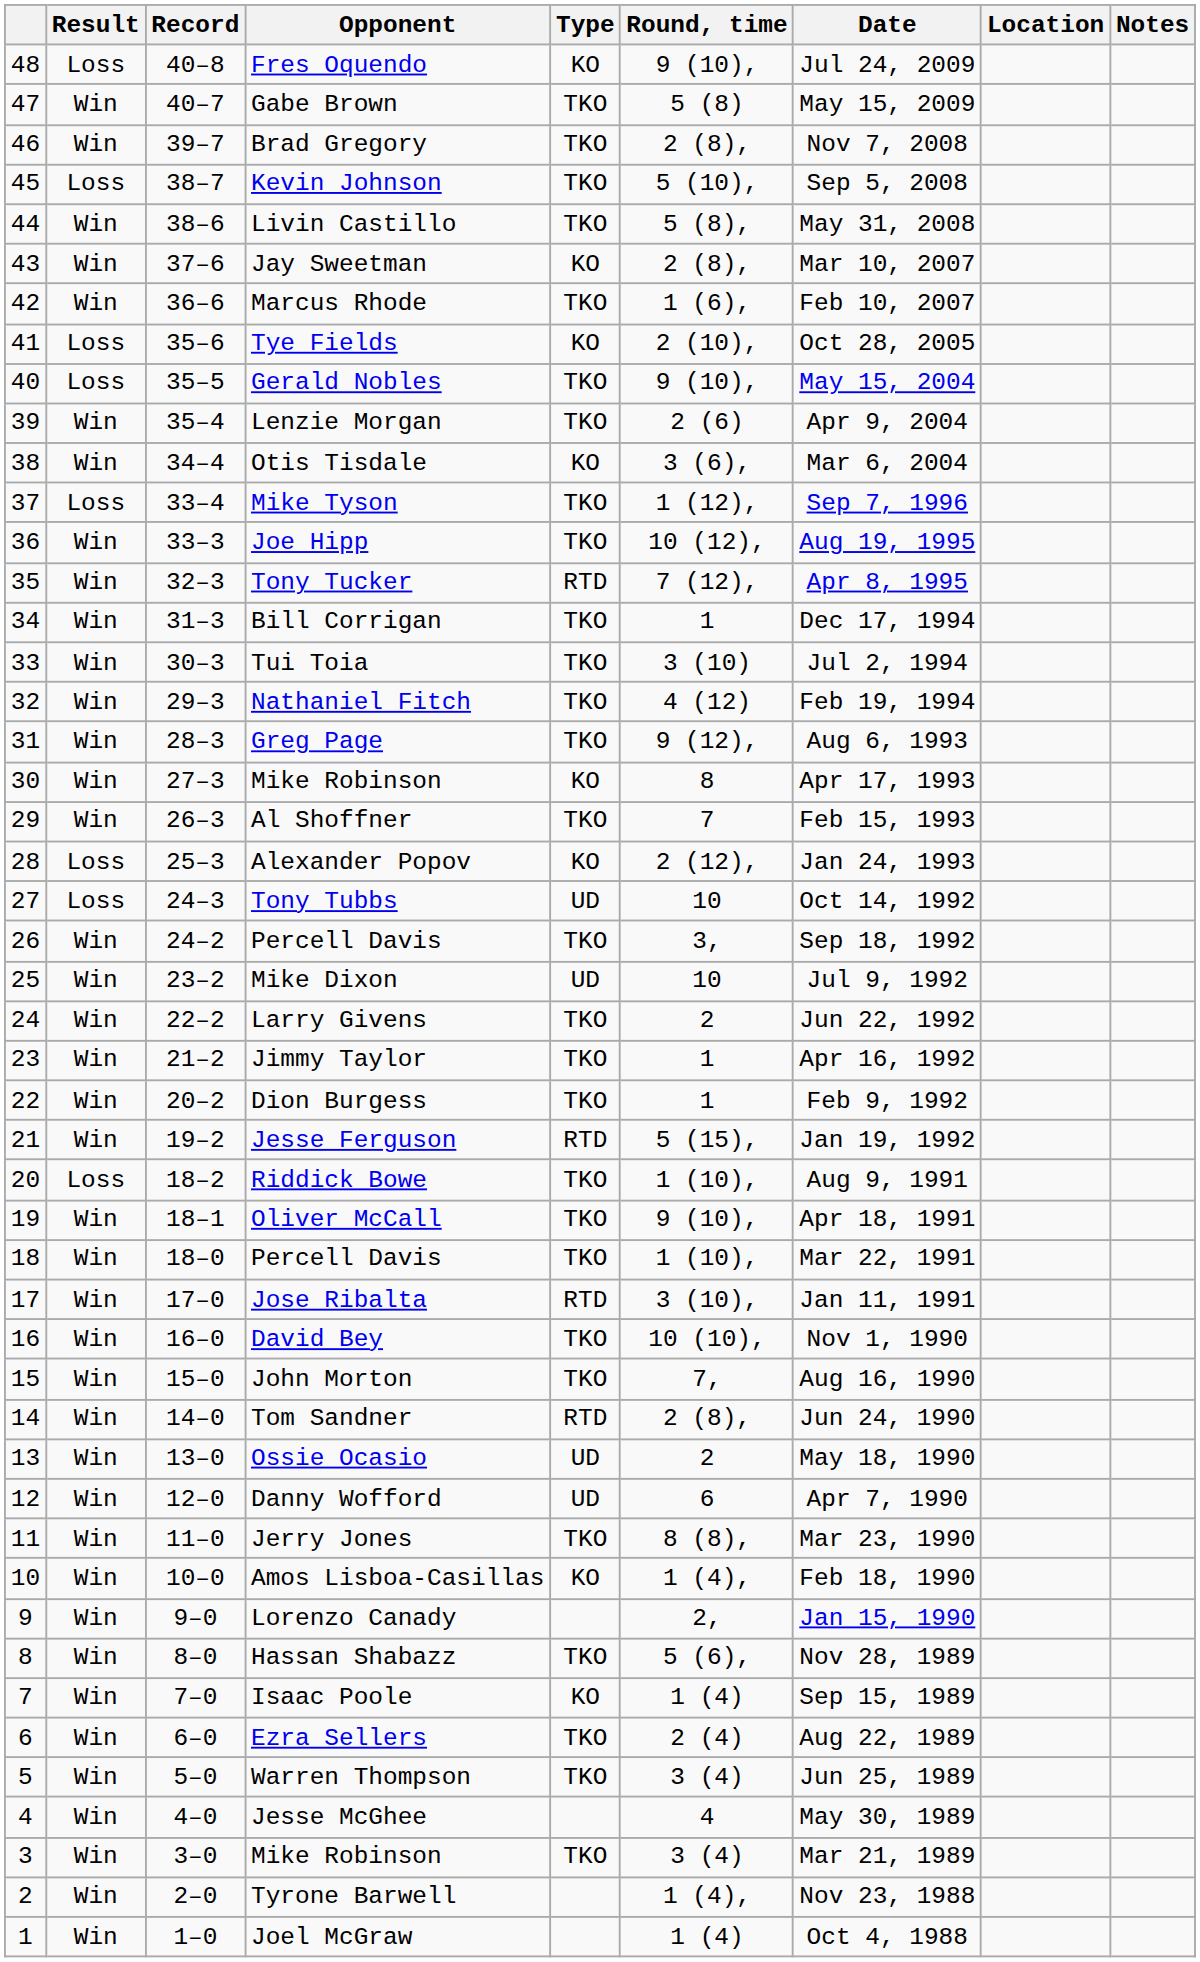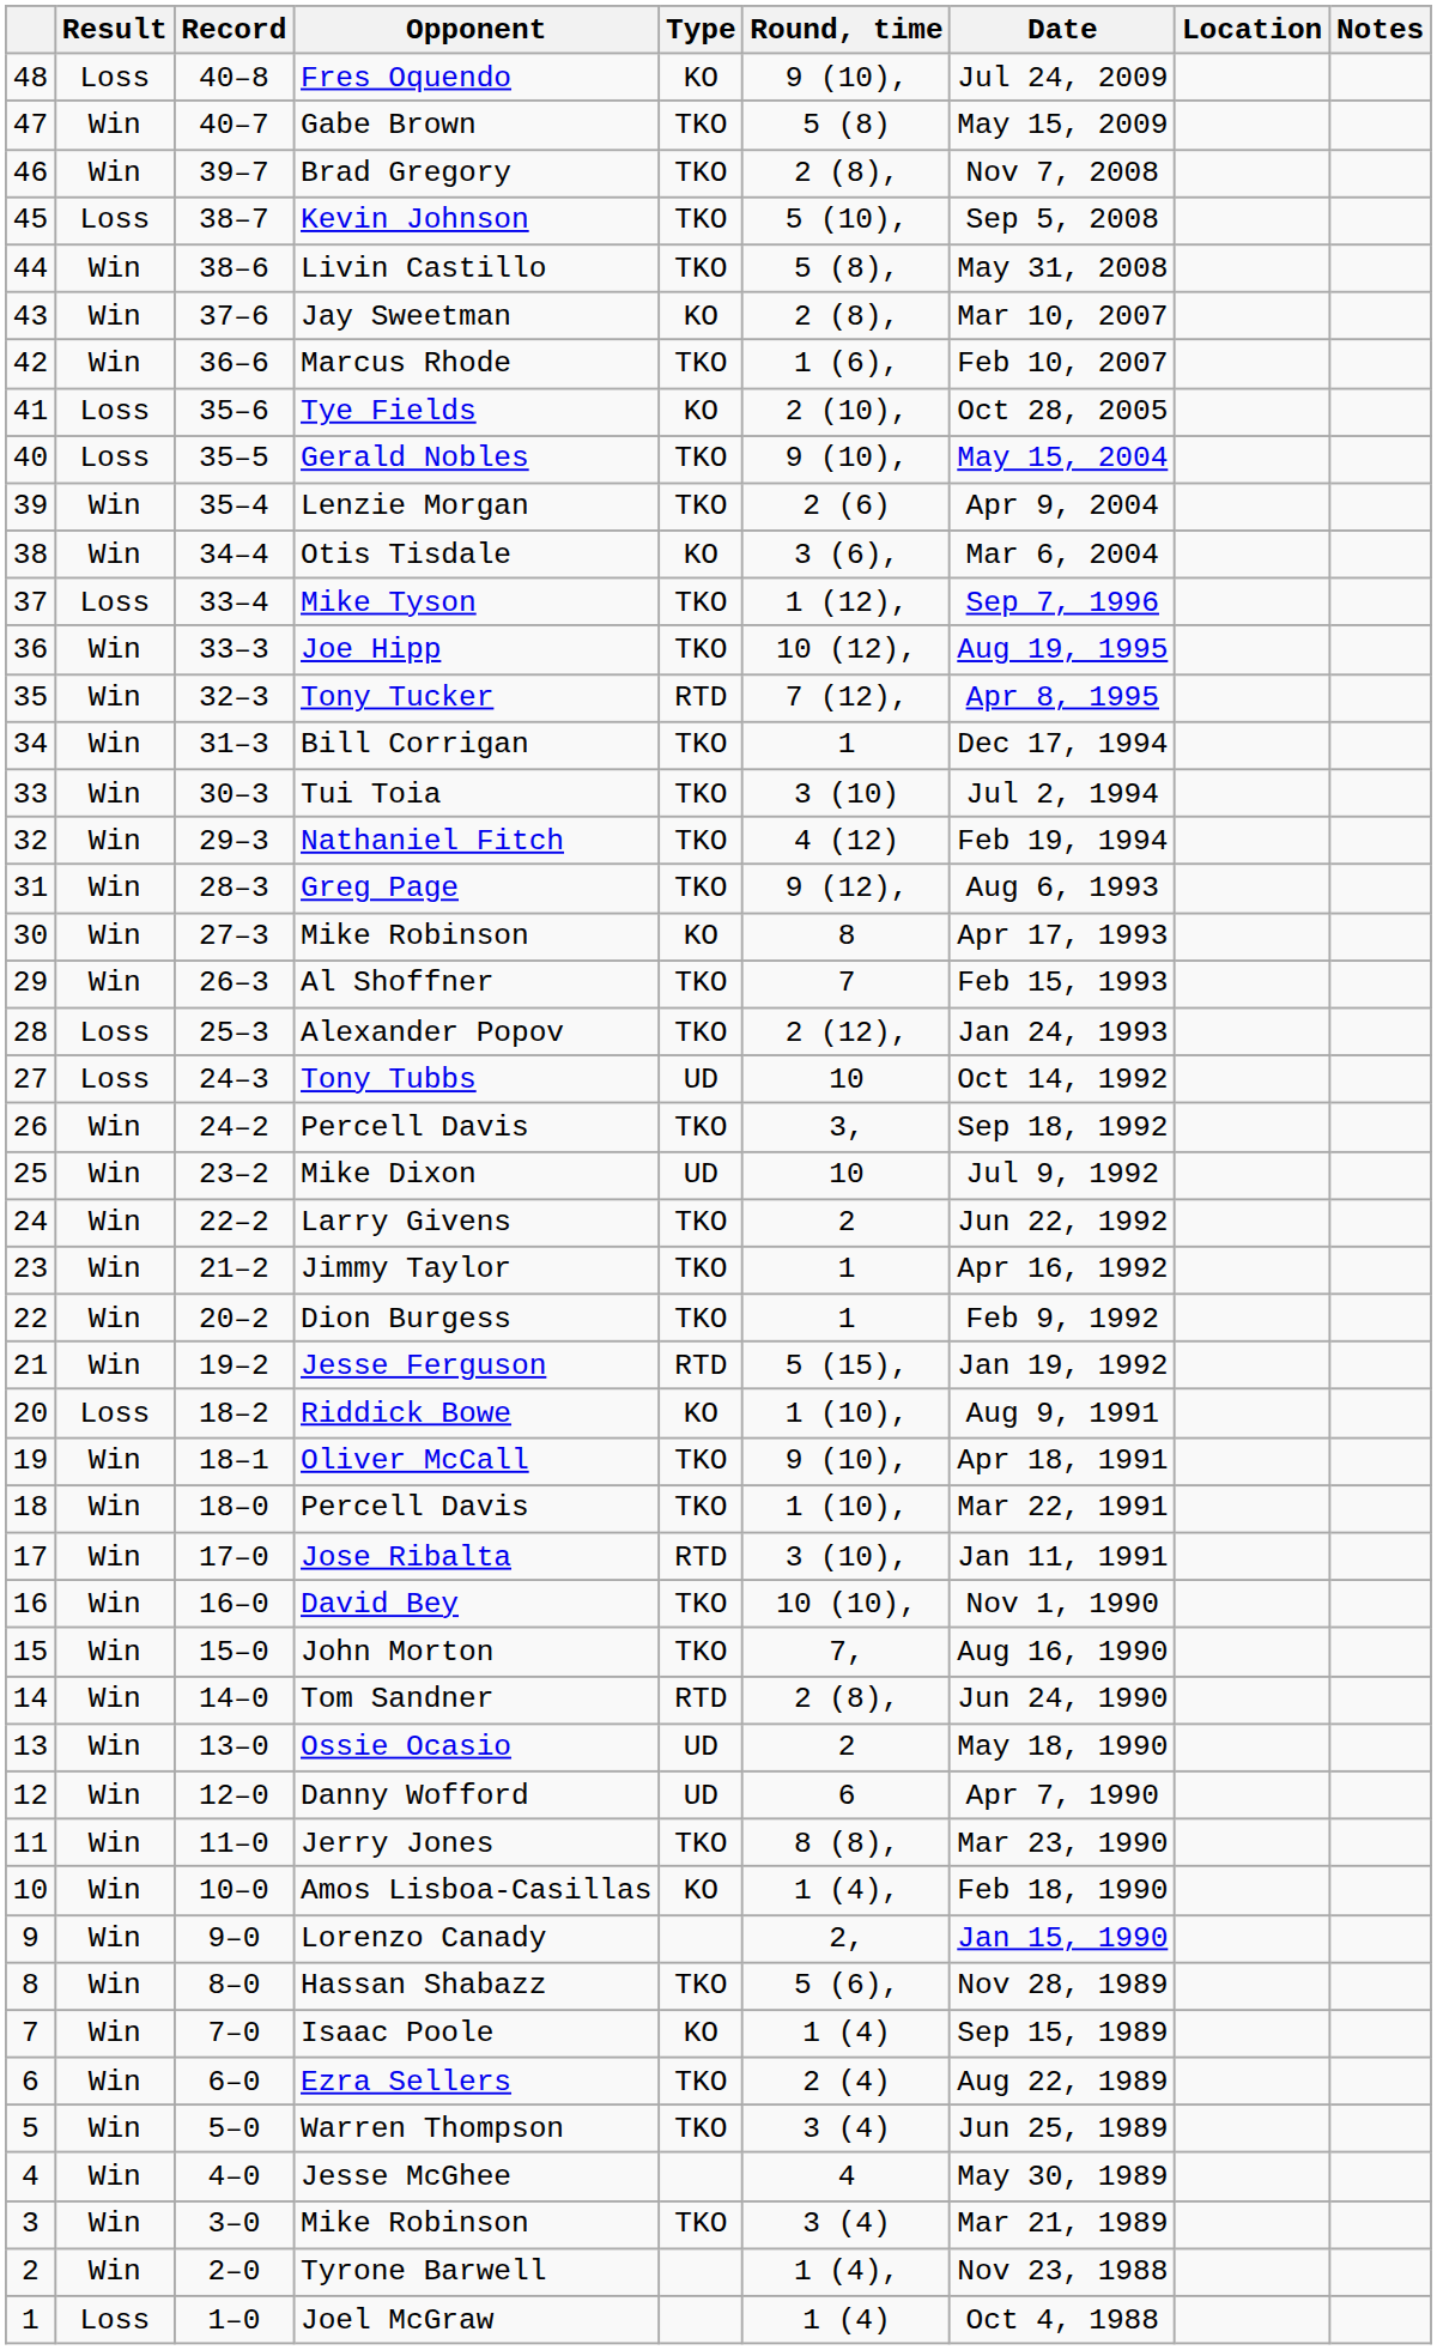 <table class="wikitable" style="text-align:center">
 <tr>
 <th></th>
 <th>Result</th>
 <th>Record</th>
 <th>Opponent</th>
 <th>Type</th>
 <th>Round, time</th>
 <th>Date</th>
 <th>Location</th>
 <th>Notes</th>
 </tr>
 <tr>
 <td>48</td>
 <td>Loss</td>
 <td>40–8</td>
 <td style="text-align:left;"><a href='#'>Fres Oquendo</a></td>
 <td>KO</td>
 <td>9 (10), </td>
 <td>Jul 24, 2009</td>
 <td style="text-align:left;"></td>
 <td style="text-align:left;"></td>
 </tr>
 <tr>
 <td>47</td>
 <td>Win</td>
 <td>40–7</td>
 <td style="text-align:left;">Gabe Brown</td>
 <td>TKO</td>
 <td>5 (8)</td>
 <td>May 15, 2009</td>
 <td style="text-align:left;"></td>
 <td></td>
 </tr>
 <tr>
 <td>46</td>
 <td>Win</td>
 <td>39–7</td>
 <td style="text-align:left;">Brad Gregory</td>
 <td>TKO</td>
 <td>2 (8), </td>
 <td>Nov 7, 2008</td>
 <td style="text-align:left;"></td>
 <td></td>
 </tr>
 <tr>
 <td>45</td>
 <td>Loss</td>
 <td>38–7</td>
 <td style="text-align:left;"><a href='#'>Kevin Johnson</a></td>
 <td>TKO</td>
 <td>5 (10), </td>
 <td>Sep 5, 2008</td>
 <td style="text-align:left;"></td>
 <td></td>
 </tr>
 <tr>
 <td>44</td>
 <td>Win</td>
 <td>38–6</td>
 <td style="text-align:left;">Livin Castillo</td>
 <td>TKO</td>
 <td>5 (8), </td>
 <td>May 31, 2008</td>
 <td style="text-align:left;"></td>
 <td></td>
 </tr>
 <tr>
 <td>43</td>
 <td>Win</td>
 <td>37–6</td>
 <td style="text-align:left;">Jay Sweetman</td>
 <td>KO</td>
 <td>2 (8), </td>
 <td>Mar 10, 2007</td>
 <td style="text-align:left;"></td>
 <td></td>
 </tr>
 <tr>
 <td>42</td>
 <td>Win</td>
 <td>36–6</td>
 <td style="text-align:left;">Marcus Rhode</td>
 <td>TKO</td>
 <td>1 (6), </td>
 <td>Feb 10, 2007</td>
 <td style="text-align:left;"></td>
 <td></td>
 </tr>
 <tr>
 <td>41</td>
 <td>Loss</td>
 <td>35–6</td>
 <td style="text-align:left;"><a href='#'>Tye Fields</a></td>
 <td>KO</td>
 <td>2 (10), </td>
 <td>Oct 28, 2005</td>
 <td style="text-align:left;"></td>
 <td></td>
 </tr>
 <tr>
 <td>40</td>
 <td>Loss</td>
 <td>35–5</td>
 <td style="text-align:left;"><a href='#'>Gerald Nobles</a></td>
 <td>TKO</td>
 <td>9 (10), </td>
 <td><a href='#'>May 15, 2004</a></td>
 <td style="text-align:left;"></td>
 <td></td>
 </tr>
 <tr>
 <td>39</td>
 <td>Win</td>
 <td>35–4</td>
 <td style="text-align:left;">Lenzie Morgan</td>
 <td>TKO</td>
 <td>2 (6)</td>
 <td>Apr 9, 2004</td>
 <td style="text-align:left;"></td>
 <td></td>
 </tr>
 <tr>
 <td>38</td>
 <td>Win</td>
 <td>34–4</td>
 <td style="text-align:left;">Otis Tisdale</td>
 <td>KO</td>
 <td>3 (6), </td>
 <td>Mar 6, 2004</td>
 <td style="text-align:left;"></td>
 <td></td>
 </tr>
 <tr>
 <td>37</td>
 <td>Loss</td>
 <td>33–4</td>
 <td style="text-align:left;"><a href='#'>Mike Tyson</a></td>
 <td>TKO</td>
 <td>1 (12), </td>
 <td><a href='#'>Sep 7, 1996</a></td>
 <td style="text-align:left;"></td>
 <td style="text-align:left;"></td>
 </tr>
 <tr>
 <td>36</td>
 <td>Win</td>
 <td>33–3</td>
 <td style="text-align:left;"><a href='#'>Joe Hipp</a></td>
 <td>TKO</td>
 <td>10 (12), </td>
 <td><a href='#'>Aug 19, 1995</a></td>
 <td style="text-align:left;"></td>
 <td style="text-align:left;"></td>
 </tr>
 <tr>
 <td>35</td>
 <td>Win</td>
 <td>32–3</td>
 <td style="text-align:left;"><a href='#'>Tony Tucker</a></td>
 <td>RTD</td>
 <td>7 (12), </td>
 <td><a href='#'>Apr 8, 1995</a></td>
 <td style="text-align:left;"></td>
 <td style="text-align:left;"></td>
 </tr>
 <tr>
 <td>34</td>
 <td>Win</td>
 <td>31–3</td>
 <td style="text-align:left;">Bill Corrigan</td>
 <td>TKO</td>
 <td>1</td>
 <td>Dec 17, 1994</td>
 <td style="text-align:left;"></td>
 <td></td>
 </tr>
 <tr>
 <td>33</td>
 <td>Win</td>
 <td>30–3</td>
 <td style="text-align:left;">Tui Toia</td>
 <td>TKO</td>
 <td>3 (10)</td>
 <td>Jul 2, 1994</td>
 <td style="text-align:left;"></td>
 <td></td>
 </tr>
 <tr>
 <td>32</td>
 <td>Win</td>
 <td>29–3</td>
 <td style="text-align:left;"><a href='#'>Nathaniel Fitch</a></td>
 <td>TKO</td>
 <td>4 (12)</td>
 <td>Feb 19, 1994</td>
 <td style="text-align:left;"></td>
 <td style="text-align:left;"></td>
 </tr>
 <tr>
 <td>31</td>
 <td>Win</td>
 <td>28–3</td>
 <td style="text-align:left;"><a href='#'>Greg Page</a></td>
 <td>TKO</td>
 <td>9 (12), </td>
 <td>Aug 6, 1993</td>
 <td style="text-align:left;"></td>
 <td style="text-align:left;"></td>
 </tr>
 <tr>
 <td>30</td>
 <td>Win</td>
 <td>27–3</td>
 <td style="text-align:left;">Mike Robinson</td>
 <td>KO</td>
 <td>8</td>
 <td>Apr 17, 1993</td>
 <td style="text-align:left;"></td>
 <td></td>
 </tr>
 <tr>
 <td>29</td>
 <td>Win</td>
 <td>26–3</td>
 <td style="text-align:left;">Al Shoffner</td>
 <td>TKO</td>
 <td>7</td>
 <td>Feb 15, 1993</td>
 <td style="text-align:left;"></td>
 <td></td>
 </tr>
 <tr>
 <td>28</td>
 <td>Loss</td>
 <td>25–3</td>
 <td style="text-align:left;">Alexander Popov</td>
-<td>KO</td>
+<td>TKO</td>
 <td>2 (12), </td>
 <td>Jan 24, 1993</td>
 <td style="text-align:left;"></td>
 <td style="text-align:left;"></td>
 </tr>
 <tr>
 <td>27</td>
 <td>Loss</td>
 <td>24–3</td>
 <td style="text-align:left;"><a href='#'>Tony Tubbs</a></td>
 <td>UD</td>
 <td>10</td>
 <td>Oct 14, 1992</td>
 <td style="text-align:left;"></td>
 <td></td>
 </tr>
 <tr>
 <td>26</td>
 <td>Win</td>
 <td>24–2</td>
 <td style="text-align:left;">Percell Davis</td>
 <td>TKO</td>
 <td>3, </td>
 <td>Sep 18, 1992</td>
 <td style="text-align:left;"></td>
 <td></td>
 </tr>
 <tr>
 <td>25</td>
 <td>Win</td>
 <td>23–2</td>
 <td style="text-align:left;">Mike Dixon</td>
 <td>UD</td>
 <td>10</td>
 <td>Jul 9, 1992</td>
 <td style="text-align:left;"></td>
 <td></td>
 </tr>
 <tr>
 <td>24</td>
 <td>Win</td>
 <td>22–2</td>
 <td style="text-align:left;">Larry Givens</td>
 <td>TKO</td>
 <td>2</td>
 <td>Jun 22, 1992</td>
 <td style="text-align:left;"></td>
 <td></td>
 </tr>
 <tr>
 <td>23</td>
 <td>Win</td>
 <td>21–2</td>
 <td style="text-align:left;">Jimmy Taylor</td>
 <td>TKO</td>
 <td>1</td>
 <td>Apr 16, 1992</td>
 <td style="text-align:left;"></td>
 <td></td>
 </tr>
 <tr>
 <td>22</td>
 <td>Win</td>
 <td>20–2</td>
 <td style="text-align:left;">Dion Burgess</td>
 <td>TKO</td>
 <td>1</td>
 <td>Feb 9, 1992</td>
 <td style="text-align:left;"></td>
 <td></td>
 </tr>
 <tr>
 <td>21</td>
 <td>Win</td>
 <td>19–2</td>
 <td style="text-align:left;"><a href='#'>Jesse Ferguson</a></td>
 <td>RTD</td>
 <td>5 (15), </td>
 <td>Jan 19, 1992</td>
 <td style="text-align:left;"></td>
 <td style="text-align:left;"></td>
 </tr>
 <tr>
 <td>20</td>
 <td>Loss</td>
 <td>18–2</td>
 <td style="text-align:left;"><a href='#'>Riddick Bowe</a></td>
-<td>TKO</td>
+<td>KO</td>
 <td>1 (10), </td>
 <td>Aug 9, 1991</td>
 <td style="text-align:left;"></td>
 <td></td>
 </tr>
 <tr>
 <td>19</td>
 <td>Win</td>
 <td>18–1</td>
 <td style="text-align:left;"><a href='#'>Oliver McCall</a></td>
 <td>TKO</td>
 <td>9 (10), </td>
 <td>Apr 18, 1991</td>
 <td style="text-align:left;"></td>
 <td></td>
 </tr>
 <tr>
 <td>18</td>
 <td>Win</td>
 <td>18–0</td>
 <td style="text-align:left;">Percell Davis</td>
 <td>TKO</td>
 <td>1 (10), </td>
 <td>Mar 22, 1991</td>
 <td style="text-align:left;"></td>
 <td></td>
 </tr>
 <tr>
 <td>17</td>
 <td>Win</td>
 <td>17–0</td>
 <td style="text-align:left;"><a href='#'>Jose Ribalta</a></td>
 <td>RTD</td>
 <td>3 (10), </td>
 <td>Jan 11, 1991</td>
 <td style="text-align:left;"></td>
 <td></td>
 </tr>
 <tr>
 <td>16</td>
 <td>Win</td>
 <td>16–0</td>
 <td style="text-align:left;"><a href='#'>David Bey</a></td>
 <td>TKO</td>
 <td>10 (10), </td>
 <td>Nov 1, 1990</td>
 <td style="text-align:left;"></td>
 <td></td>
 </tr>
 <tr>
 <td>15</td>
 <td>Win</td>
 <td>15–0</td>
 <td style="text-align:left;">John Morton</td>
 <td>TKO</td>
 <td>7, </td>
 <td>Aug 16, 1990</td>
 <td style="text-align:left;"></td>
 <td></td>
 </tr>
 <tr>
 <td>14</td>
 <td>Win</td>
 <td>14–0</td>
 <td style="text-align:left;">Tom Sandner</td>
 <td>RTD</td>
 <td>2 (8), </td>
 <td>Jun 24, 1990</td>
 <td style="text-align:left;"></td>
 <td></td>
 </tr>
 <tr>
 <td>13</td>
 <td>Win</td>
 <td>13–0</td>
 <td style="text-align:left;"><a href='#'>Ossie Ocasio</a></td>
 <td>UD</td>
 <td>2</td>
 <td>May 18, 1990</td>
 <td style="text-align:left;"></td>
 <td></td>
 </tr>
 <tr>
 <td>12</td>
 <td>Win</td>
 <td>12–0</td>
 <td style="text-align:left;">Danny Wofford</td>
 <td>UD</td>
 <td>6</td>
 <td>Apr 7, 1990</td>
 <td style="text-align:left;"></td>
 <td></td>
 </tr>
 <tr>
 <td>11</td>
 <td>Win</td>
 <td>11–0</td>
 <td style="text-align:left;">Jerry Jones</td>
 <td>TKO</td>
 <td>8 (8), </td>
 <td>Mar 23, 1990</td>
 <td style="text-align:left;"></td>
 <td></td>
 </tr>
 <tr>
 <td>10</td>
 <td>Win</td>
 <td>10–0</td>
 <td style="text-align:left;">Amos Lisboa-Casillas</td>
 <td>KO</td>
 <td>1 (4), </td>
 <td>Feb 18, 1990</td>
 <td style="text-align:left;"></td>
 <td></td>
 </tr>
 <tr>
 <td>9</td>
 <td>Win</td>
 <td>9–0</td>
 <td style="text-align:left;">Lorenzo Canady</td>
 <td></td>
 <td>2, </td>
 <td><a href='#'>Jan 15, 1990</a></td>
 <td style="text-align:left;"></td>
 <td></td>
 </tr>
 <tr>
 <td>8</td>
 <td>Win</td>
 <td>8–0</td>
 <td style="text-align:left;">Hassan Shabazz</td>
 <td>TKO</td>
 <td>5 (6), </td>
 <td>Nov 28, 1989</td>
 <td style="text-align:left;"></td>
 <td></td>
 </tr>
 <tr>
 <td>7</td>
 <td>Win</td>
 <td>7–0</td>
 <td style="text-align:left;">Isaac Poole</td>
 <td>KO</td>
 <td>1 (4)</td>
 <td>Sep 15, 1989</td>
 <td style="text-align:left;"></td>
 <td></td>
 </tr>
 <tr>
 <td>6</td>
 <td>Win</td>
 <td>6–0</td>
 <td style="text-align:left;"><a href='#'>Ezra Sellers</a></td>
 <td>TKO</td>
 <td>2 (4)</td>
 <td>Aug 22, 1989</td>
 <td style="text-align:left;"></td>
 <td></td>
 </tr>
 <tr>
 <td>5</td>
 <td>Win</td>
 <td>5–0</td>
 <td style="text-align:left;">Warren Thompson</td>
 <td>TKO</td>
 <td>3 (4)</td>
 <td>Jun 25, 1989</td>
 <td style="text-align:left;"></td>
 <td></td>
 </tr>
 <tr>
 <td>4</td>
 <td>Win</td>
 <td>4–0</td>
 <td style="text-align:left;">Jesse McGhee</td>
 <td></td>
 <td>4</td>
 <td>May 30, 1989</td>
 <td style="text-align:left;"></td>
 <td></td>
 </tr>
 <tr>
 <td>3</td>
 <td>Win</td>
 <td>3–0</td>
 <td style="text-align:left;">Mike Robinson</td>
 <td>TKO</td>
 <td>3 (4)</td>
 <td>Mar 21, 1989</td>
 <td style="text-align:left;"></td>
 <td></td>
 </tr>
 <tr>
 <td>2</td>
 <td>Win</td>
 <td>2–0</td>
 <td style="text-align:left;">Tyrone Barwell</td>
 <td></td>
 <td>1 (4), </td>
 <td>Nov 23, 1988</td>
 <td style="text-align:left;"></td>
 <td></td>
 </tr>
 <tr>
 <td>1</td>
-<td>Win</td>
+<td>Loss</td>
 <td>1–0</td>
 <td style="text-align:left;">Joel McGraw</td>
 <td></td>
 <td>1 (4)</td>
 <td>Oct 4, 1988</td>
 <td style="text-align:left;"></td>
 <td></td>
 </tr>
 </table>
